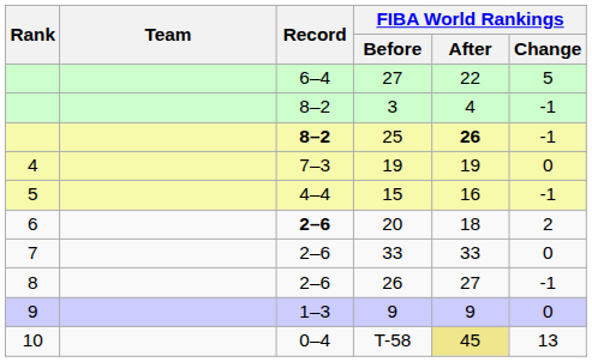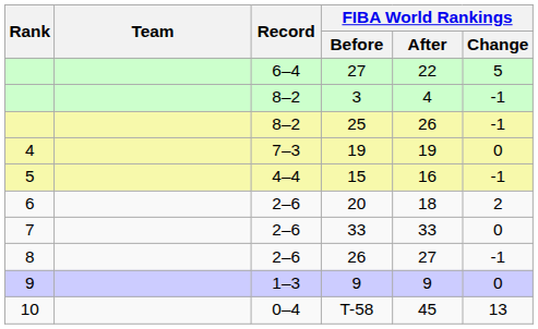 <table class="wikitable" style="text-align: center">
 <tr>
 <th rowspan=2 width=40>Rank</th>
 <th rowspan=2 width=180>Team</th>
 <th rowspan=2 width=60>Record</th>
 <th colspan=3><a href='#'>FIBA World Rankings</a></th>
 </tr>
 <tr>
 <th width=60>Before</th>
 <th width=60>After</th>
 <th width=60>Change</th>
 </tr>
 <tr bgcolor=ccffcc>
 <td></td>
 <td align=left></td>
 <td>6–4</td>
 <td>27</td>
 <td>22</td>
 <td>5</td>
 </tr>
 <tr bgcolor=ccffcc>
 <td></td>
 <td align=left></td>
 <td>8–2</td>
 <td>3</td>
 <td>4</td>
 <td>-1</td>
 </tr>
 <tr bgcolor=f7f9ab>
 <td></td>
 <td align=left></td>
-<td><strong>8–2</strong></td>
+<td>8–2</td>
 <td>25</td>
-<td><strong>26</strong></td>
+<td>26</td>
 <td>-1</td>
 </tr>
 <tr bgcolor=f7f9ab>
 <td>4</td>
 <td align=left></td>
 <td>7–3</td>
 <td>19</td>
 <td>19</td>
 <td>0</td>
 </tr>
 <tr bgcolor=f7f9ab>
 <td>5</td>
 <td align=left></td>
 <td>4–4</td>
 <td>15</td>
 <td>16</td>
 <td>-1</td>
 </tr>
 <tr>
 <td>6</td>
 <td align=left></td>
-<td><strong>2–6</strong></td>
+<td>2–6</td>
 <td>20</td>
 <td>18</td>
 <td>2</td>
 </tr>
 <tr>
 <td>7</td>
 <td align=left></td>
 <td>2–6</td>
 <td>33</td>
 <td>33</td>
 <td>0</td>
 </tr>
 <tr>
 <td>8</td>
 <td align=left></td>
 <td>2–6</td>
 <td>26</td>
 <td>27</td>
 <td>-1</td>
 </tr>
 <tr bgcolor=ccccff>
 <td>9</td>
 <td align=left></td>
 <td>1–3</td>
 <td>9</td>
 <td>9</td>
 <td>0</td>
 </tr>
 <tr>
 <td>10</td>
 <td align=left></td>
 <td>0–4</td>
 <td>T-58</td>
-<td style="background: khaki;">45</td>
+<td>45</td>
 <td>13</td>
 </tr>
 </table>
